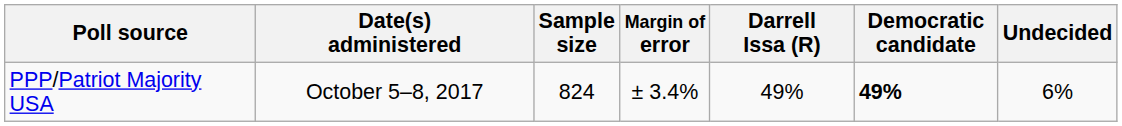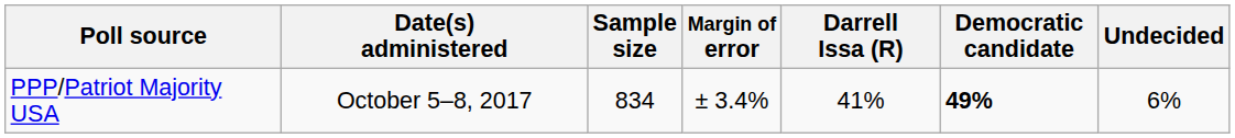 <table class="wikitable">
 <tr style="verttical-align:bottom">
 <th style="width:180px;">Poll source</th>
 <th style="width:200px;">Date(s)<br>administered</th>
 <th class=small>Sample<br>size</th>
 <th><small>Margin of</small><br>error</th>
 <th style="width:100px;">Darrell<br>Issa (R)</th>
 <th style="width:100px;">Democratic<br>candidate</th>
 <th>Undecided</th>
 </tr>
 <tr>
 <td><a href='#'>PPP</a>/<a href='#'>Patriot Majority USA</a></td>
 <td style="text-align:center">October 5–8, 2017</td>
-<td style="text-align:center">824</td>
+<td style="text-align:center">834</td>
 <td style="text-align:center">± 3.4%</td>
-<td style="text-align:center">49%</td>
+<td style="text-align:center">41%</td>
 <td style="background-color:"><strong>49%</strong></td>
 <td style="text-align:center">6%</td>
 </tr>
 </table>
